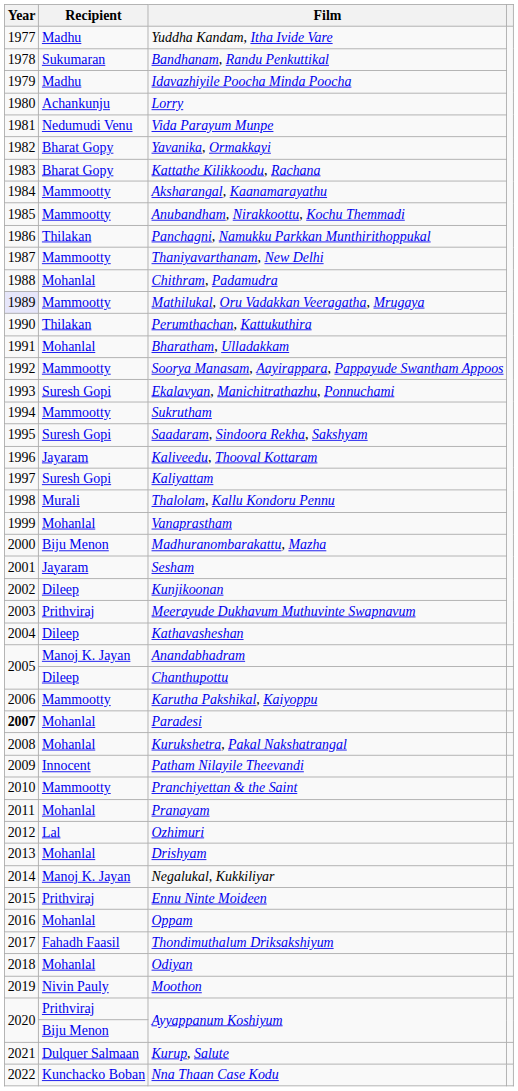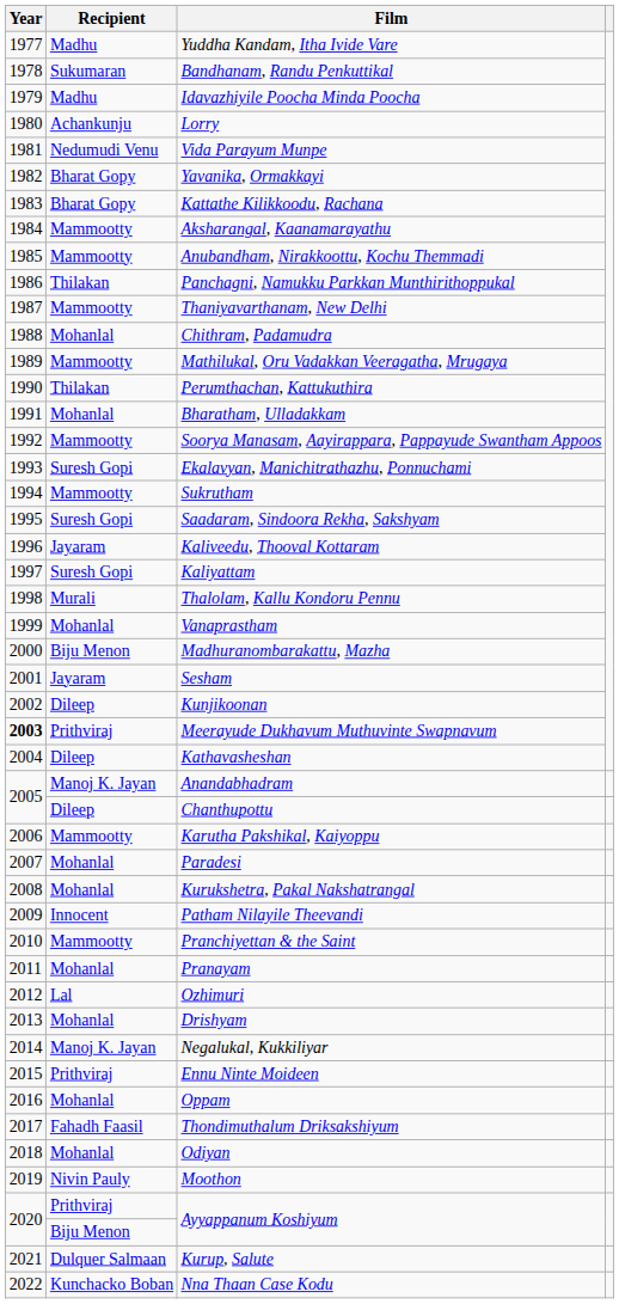 <table class="wikitable">
 <tr>
 <th>Year</th>
 <th>Recipient</th>
 <th>Film</th>
 <th></th>
 </tr>
 <tr>
 <td>1977</td>
 <td><a href='#'>Madhu</a></td>
 <td><em>Yuddha Kandam</em>, <em><a href='#'>Itha Ivide Vare</a></em></td>
 <td rowspan=28></td>
 </tr>
 <tr>
 <td>1978</td>
 <td><a href='#'>Sukumaran</a></td>
 <td><em><a href='#'>Bandhanam</a></em>, <em><a href='#'>Randu Penkuttikal</a></em></td>
 </tr>
 <tr>
 <td>1979</td>
 <td><a href='#'>Madhu</a></td>
 <td><em><a href='#'>Idavazhiyile Poocha Minda Poocha</a></em></td>
 </tr>
 <tr>
 <td>1980</td>
 <td><a href='#'>Achankunju</a></td>
 <td><em><a href='#'>Lorry</a></em></td>
 </tr>
 <tr>
 <td>1981</td>
 <td><a href='#'>Nedumudi Venu</a></td>
 <td><em><a href='#'>Vida Parayum Munpe</a></em></td>
 </tr>
 <tr>
 <td>1982</td>
 <td><a href='#'>Bharat Gopy</a></td>
 <td><em><a href='#'>Yavanika</a></em>, <em><a href='#'>Ormakkayi</a></em></td>
 </tr>
 <tr>
 <td>1983</td>
 <td><a href='#'>Bharat Gopy</a></td>
 <td><em><a href='#'>Kattathe Kilikkoodu</a></em>, <em><a href='#'>Rachana</a></em></td>
 </tr>
 <tr>
 <td>1984</td>
 <td><a href='#'>Mammootty</a></td>
 <td><em><a href='#'>Aksharangal</a></em>, <em><a href='#'>Kaanamarayathu</a></em></td>
 </tr>
 <tr>
 <td>1985</td>
 <td><a href='#'>Mammootty</a></td>
 <td><em><a href='#'>Anubandham</a></em>, <em><a href='#'>Nirakkoottu</a></em>, <em><a href='#'>Kochu Themmadi</a></em></td>
 </tr>
 <tr>
 <td>1986</td>
 <td><a href='#'>Thilakan</a></td>
 <td><em><a href='#'>Panchagni</a></em>, <em><a href='#'>Namukku Parkkan Munthirithoppukal</a></em></td>
 </tr>
 <tr>
 <td>1987</td>
 <td><a href='#'>Mammootty</a></td>
 <td><em><a href='#'>Thaniyavarthanam</a></em>, <em><a href='#'>New Delhi</a></em></td>
 </tr>
 <tr>
 <td>1988</td>
 <td><a href='#'>Mohanlal</a></td>
 <td><em><a href='#'>Chithram</a></em>, <em><a href='#'>Padamudra</a></em></td>
 </tr>
 <tr>
-<td style="background: lavender;">1989</td>
+<td>1989</td>
 <td><a href='#'>Mammootty</a></td>
 <td><em><a href='#'>Mathilukal</a></em>, <em><a href='#'>Oru Vadakkan Veeragatha</a></em>, <em><a href='#'>Mrugaya</a></em></td>
 </tr>
 <tr>
 <td>1990</td>
 <td><a href='#'>Thilakan</a></td>
 <td><em><a href='#'>Perumthachan</a></em>, <em><a href='#'>Kattukuthira</a></em></td>
 </tr>
 <tr>
 <td>1991</td>
 <td><a href='#'>Mohanlal</a></td>
 <td><em><a href='#'>Bharatham</a></em>, <em><a href='#'>Ulladakkam</a></em></td>
 </tr>
 <tr>
 <td>1992</td>
 <td><a href='#'>Mammootty</a></td>
 <td><em><a href='#'>Soorya Manasam</a></em>, <em><a href='#'>Aayirappara</a></em>, <em><a href='#'>Pappayude Swantham Appoos</a></em></td>
 </tr>
 <tr>
 <td>1993</td>
 <td><a href='#'>Suresh Gopi</a></td>
 <td><em><a href='#'>Ekalavyan</a></em>, <em><a href='#'>Manichitrathazhu</a></em>, <em><a href='#'>Ponnuchami</a></em></td>
 </tr>
 <tr>
 <td>1994</td>
 <td><a href='#'>Mammootty</a></td>
 <td><em><a href='#'>Sukrutham</a></em></td>
 </tr>
 <tr>
 <td>1995</td>
 <td><a href='#'>Suresh Gopi</a></td>
 <td><em><a href='#'>Saadaram</a></em>, <em><a href='#'>Sindoora Rekha</a></em>, <em><a href='#'>Sakshyam</a></em></td>
 </tr>
 <tr>
 <td>1996</td>
 <td><a href='#'>Jayaram</a></td>
 <td><em><a href='#'>Kaliveedu</a></em>, <em><a href='#'>Thooval Kottaram</a></em></td>
 </tr>
 <tr>
 <td>1997</td>
 <td><a href='#'>Suresh Gopi</a></td>
 <td><em><a href='#'>Kaliyattam</a></em></td>
 </tr>
 <tr>
 <td>1998</td>
 <td><a href='#'>Murali</a></td>
 <td><em><a href='#'>Thalolam</a></em>, <em><a href='#'>Kallu Kondoru Pennu</a></em></td>
 </tr>
 <tr>
 <td>1999</td>
 <td><a href='#'>Mohanlal</a></td>
 <td><em><a href='#'>Vanaprastham</a></em></td>
 </tr>
 <tr>
 <td>2000</td>
 <td><a href='#'>Biju Menon</a></td>
 <td><em><a href='#'>Madhuranombarakattu</a></em>, <em><a href='#'>Mazha</a></em></td>
 </tr>
 <tr>
 <td>2001</td>
 <td><a href='#'>Jayaram</a></td>
 <td><em><a href='#'>Sesham</a></em></td>
 </tr>
 <tr>
 <td>2002</td>
 <td><a href='#'>Dileep</a></td>
 <td><em><a href='#'>Kunjikoonan</a></em></td>
 </tr>
 <tr>
-<td>2003</td>
+<td><strong>2003</strong></td>
 <td><a href='#'>Prithviraj</a></td>
 <td><em><a href='#'>Meerayude Dukhavum Muthuvinte Swapnavum</a></em></td>
 </tr>
 <tr>
 <td>2004</td>
 <td><a href='#'>Dileep</a></td>
 <td><em><a href='#'>Kathavasheshan</a></em></td>
 </tr>
 <tr>
 <td rowspan=2>2005</td>
 <td><a href='#'>Manoj K. Jayan</a></td>
 <td><em><a href='#'>Anandabhadram</a></em></td>
 <td></td>
 </tr>
 <tr>
 <td><a href='#'>Dileep</a></td>
 <td><em><a href='#'>Chanthupottu</a></em></td>
 <td></td>
 </tr>
 <tr>
 <td>2006</td>
 <td><a href='#'>Mammootty</a></td>
 <td><em><a href='#'>Karutha Pakshikal</a></em>, <em><a href='#'>Kaiyoppu</a></em></td>
 <td></td>
 </tr>
 <tr>
-<td><strong>2007</strong></td>
+<td>2007</td>
 <td><a href='#'>Mohanlal</a></td>
 <td><em><a href='#'>Paradesi</a></em></td>
 <td></td>
 </tr>
 <tr>
 <td>2008</td>
 <td><a href='#'>Mohanlal</a></td>
 <td><em><a href='#'>Kurukshetra</a></em>, <em><a href='#'>Pakal Nakshatrangal</a></em></td>
 <td></td>
 </tr>
 <tr>
 <td>2009</td>
 <td><a href='#'>Innocent</a></td>
 <td><em><a href='#'>Patham Nilayile Theevandi</a></em></td>
 <td></td>
 </tr>
 <tr>
 <td>2010</td>
 <td><a href='#'>Mammootty</a></td>
 <td><em><a href='#'>Pranchiyettan & the Saint</a></em></td>
 <td></td>
 </tr>
 <tr>
 <td>2011</td>
 <td><a href='#'>Mohanlal</a></td>
 <td><em><a href='#'>Pranayam</a></em></td>
 <td></td>
 </tr>
 <tr>
 <td>2012</td>
 <td><a href='#'>Lal</a></td>
 <td><em><a href='#'>Ozhimuri</a></em></td>
 <td></td>
 </tr>
 <tr>
 <td>2013</td>
 <td><a href='#'>Mohanlal</a></td>
 <td><em><a href='#'>Drishyam</a></em></td>
 <td></td>
 </tr>
 <tr>
 <td>2014</td>
 <td><a href='#'>Manoj K. Jayan</a></td>
 <td><em>Negalukal</em>, <em>Kukkiliyar</em></td>
 <td></td>
 </tr>
 <tr>
 <td>2015</td>
 <td><a href='#'>Prithviraj</a></td>
 <td><em><a href='#'>Ennu Ninte Moideen</a></em></td>
 <td></td>
 </tr>
 <tr>
 <td>2016</td>
 <td><a href='#'>Mohanlal</a></td>
 <td><em><a href='#'>Oppam</a></em></td>
 <td></td>
 </tr>
 <tr>
 <td>2017</td>
 <td><a href='#'>Fahadh Faasil</a></td>
 <td><em><a href='#'>Thondimuthalum Driksakshiyum</a></em></td>
 <td></td>
 </tr>
 <tr>
 <td>2018</td>
 <td><a href='#'>Mohanlal</a></td>
 <td><em><a href='#'>Odiyan</a></em></td>
 <td></td>
 </tr>
 <tr>
 <td>2019</td>
 <td><a href='#'>Nivin Pauly</a></td>
 <td><em><a href='#'>Moothon</a></em></td>
 <td></td>
 </tr>
 <tr>
 <td rowspan=2>2020</td>
 <td><a href='#'>Prithviraj</a></td>
 <td rowspan=2><em><a href='#'>Ayyappanum Koshiyum</a></em></td>
 <td rowspan=2></td>
 </tr>
 <tr>
 <td><a href='#'>Biju Menon</a></td>
 </tr>
 <tr>
 <td>2021</td>
 <td><a href='#'>Dulquer Salmaan</a></td>
 <td><em><a href='#'>Kurup</a>, <a href='#'>Salute</a></em></td>
 <td></td>
 </tr>
 <tr>
 <td>2022</td>
 <td><a href='#'>Kunchacko Boban</a></td>
 <td><em><a href='#'>Nna Thaan Case Kodu</a></em></td>
 <td></td>
 </tr>
 </table>
